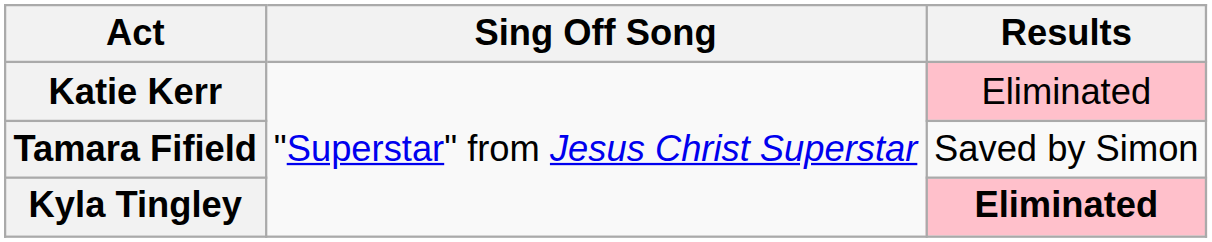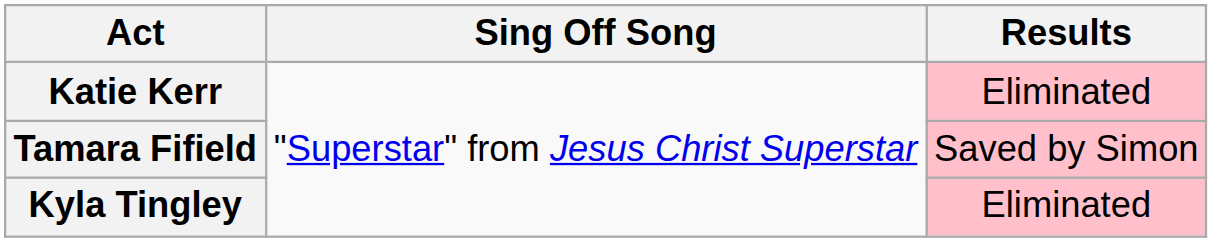 <table class="wikitable plainrowheaders" style="text-align:center;">
 <tr>
 <th scope="col">Act</th>
 <th scope="col">Sing Off Song</th>
 <th scope="col">Results</th>
 </tr>
 <tr>
 <th scope="row">Katie Kerr</th>
 <td rowspan="3">"<a href='#'>Superstar</a>" from <em><a href='#'>Jesus Christ Superstar</a></em></td>
 <td style="background:pink;">Eliminated</td>
 </tr>
 <tr>
 <th scope="row">Tamara Fifield</th>
-<td>Saved by Simon</td>
+<td style="background: pink;">Saved by Simon</td>
 </tr>
 <tr>
 <th scope="row">Kyla Tingley</th>
-<td style="background:pink;"><strong>Eliminated</strong></td>
+<td style="background:pink;">Eliminated</td>
 </tr>
 </table>
